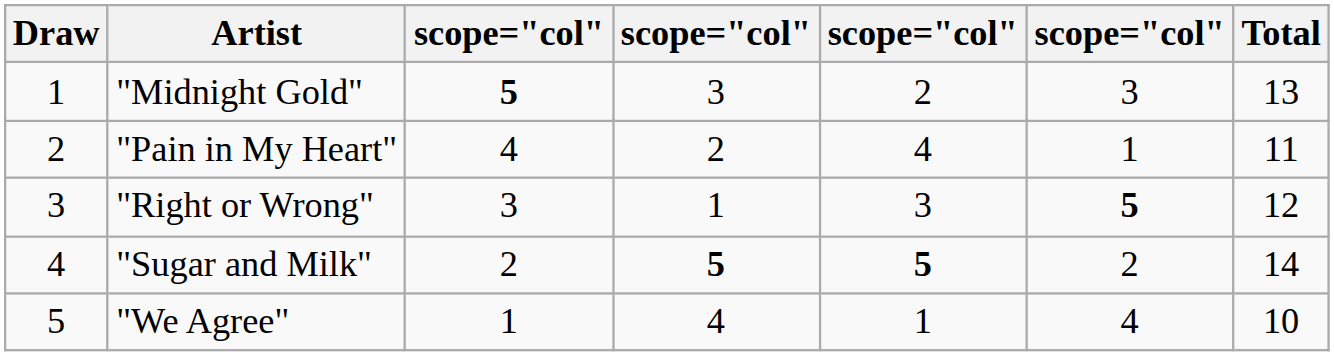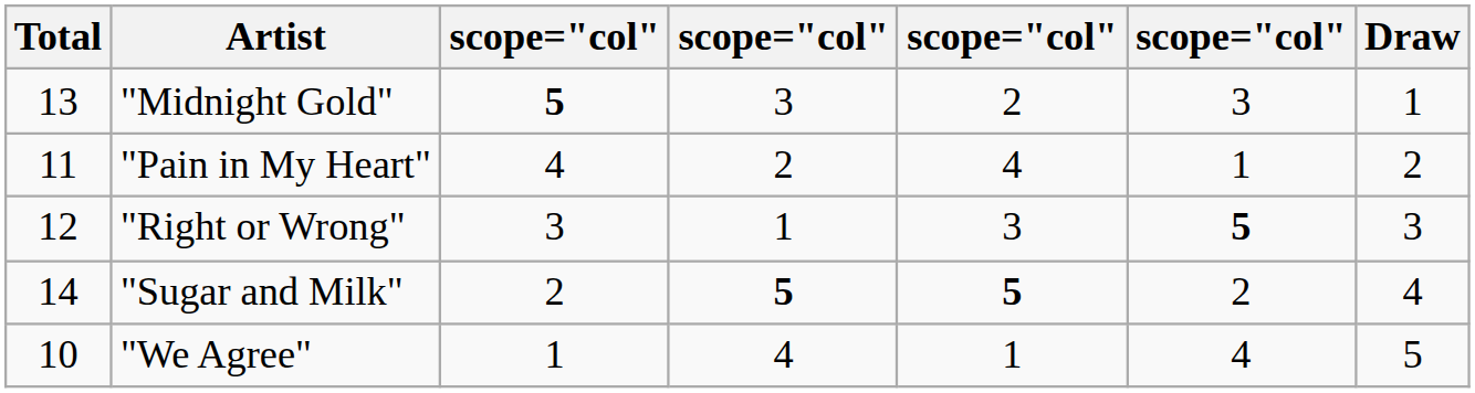 <table class="wikitable collapsible" style="margin: 1em auto 1em auto; text-align:center;">
 <tr>
-<th>Draw</th>
+<th>Total</th>
 <th>Artist</th>
 <th>scope="col" </th>
 <th>scope="col" </th>
 <th>scope="col" </th>
 <th>scope="col" </th>
-<th>Total</th>
+<th>Draw</th>
 </tr>
 <tr>
-<td>1</td>
+<td>13</td>
 <td align="left">"Midnight Gold"</td>
 <td><strong>5</strong></td>
 <td>3</td>
 <td>2</td>
 <td>3</td>
-<td>13</td>
+<td>1</td>
 </tr>
 <tr>
-<td>2</td>
+<td>11</td>
 <td align="left">"Pain in My Heart"</td>
 <td>4</td>
 <td>2</td>
 <td>4</td>
 <td>1</td>
-<td>11</td>
+<td>2</td>
 </tr>
 <tr>
-<td>3</td>
+<td>12</td>
 <td align="left">"Right or Wrong"</td>
 <td>3</td>
 <td>1</td>
 <td>3</td>
 <td><strong>5</strong></td>
-<td>12</td>
+<td>3</td>
 </tr>
 <tr>
-<td>4</td>
+<td>14</td>
 <td align="left">"Sugar and Milk"</td>
 <td>2</td>
 <td><strong>5</strong></td>
 <td><strong>5</strong></td>
 <td>2</td>
-<td>14</td>
+<td>4</td>
 </tr>
 <tr>
-<td>5</td>
+<td>10</td>
 <td align="left">"We Agree"</td>
 <td>1</td>
 <td>4</td>
 <td>1</td>
 <td>4</td>
-<td>10</td>
+<td>5</td>
 </tr>
 </table>
